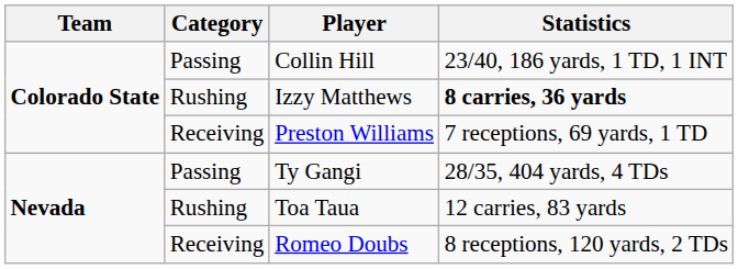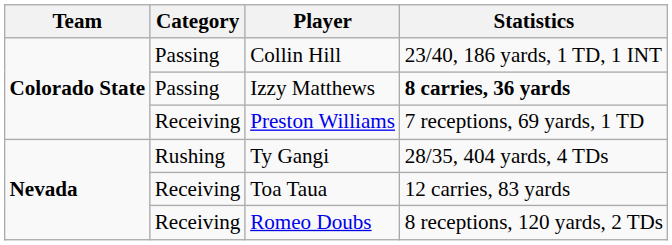 <table class="wikitable" style="float: left;">
 <tr>
 <th>Team</th>
 <th>Category</th>
 <th>Player</th>
 <th>Statistics</th>
 </tr>
 <tr>
 <td rowspan=3><strong>Colorado State</strong></td>
 <td>Passing</td>
 <td>Collin Hill</td>
 <td>23/40, 186 yards, 1 TD, 1 INT</td>
 </tr>
 <tr>
-<td>Rushing</td>
+<td>Passing</td>
 <td>Izzy Matthews</td>
 <td><strong>8 carries, 36 yards</strong></td>
 </tr>
 <tr>
 <td>Receiving</td>
 <td><a href='#'>Preston Williams</a></td>
 <td>7 receptions, 69 yards, 1 TD</td>
 </tr>
 <tr>
 <td rowspan=3><strong>Nevada</strong></td>
-<td>Passing</td>
+<td>Rushing</td>
 <td>Ty Gangi</td>
 <td>28/35, 404 yards, 4 TDs</td>
 </tr>
 <tr>
-<td>Rushing</td>
+<td>Receiving</td>
 <td>Toa Taua</td>
 <td>12 carries, 83 yards</td>
 </tr>
 <tr>
 <td>Receiving</td>
 <td><a href='#'>Romeo Doubs</a></td>
 <td>8 receptions, 120 yards, 2 TDs</td>
 </tr>
 </table>
